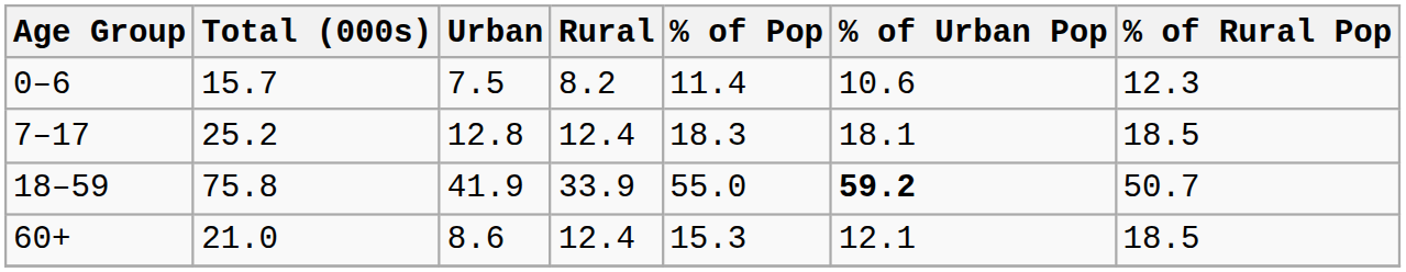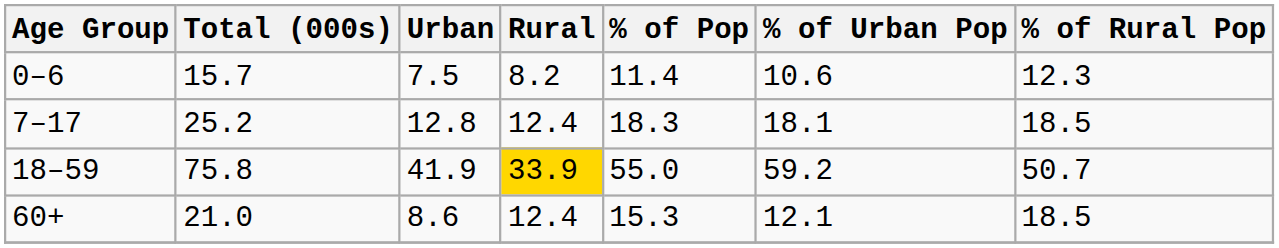 <table class = "wikitable">
 <tr>
 <th>Age Group</th>
 <th>Total (000s)</th>
 <th>Urban</th>
 <th>Rural</th>
 <th>% of Pop</th>
 <th>% of Urban Pop</th>
 <th>% of Rural Pop</th>
 </tr>
 <tr --->
 <td>0–6</td>
 <td>15.7</td>
 <td>7.5</td>
 <td>8.2</td>
 <td>11.4</td>
 <td>10.6</td>
 <td>12.3</td>
 </tr>
 <tr --->
 <td>7–17</td>
 <td>25.2</td>
 <td>12.8</td>
 <td>12.4</td>
 <td>18.3</td>
 <td>18.1</td>
 <td>18.5</td>
 </tr>
 <tr --->
 <td>18–59</td>
 <td>75.8</td>
 <td>41.9</td>
-<td>33.9</td>
+<td style="background: gold;">33.9</td>
 <td>55.0</td>
-<td><strong>59.2</strong></td>
+<td>59.2</td>
 <td>50.7</td>
 </tr>
 <tr --->
 <td>60+</td>
 <td>21.0</td>
 <td>8.6</td>
 <td>12.4</td>
 <td>15.3</td>
 <td>12.1</td>
 <td>18.5</td>
 </tr>
 <tr --->
 </tr>
 </table>
